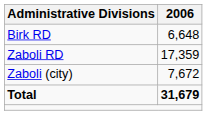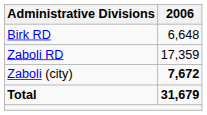 <table class="wikitable">
 <tr>
 <th>Administrative Divisions</th>
 <th>2006</th>
 </tr>
 <tr>
 <td><a href='#'>Birk RD</a></td>
 <td style="text-align: right;">6,648</td>
 </tr>
 <tr>
 <td><a href='#'>Zaboli RD</a></td>
 <td style="text-align: right;">17,359</td>
 </tr>
 <tr>
 <td><a href='#'>Zaboli</a> (city)</td>
-<td style="text-align: right;">7,672</td>
+<td style="text-align: right;"><strong>7,672</strong></td>
 </tr>
 <tr>
 <td><strong>Total</strong></td>
 <td style="text-align: right;"><strong>31,679</strong></td>
 </tr>
 <tr>
 <td colspan=4></td>
 </tr>
 </table>
